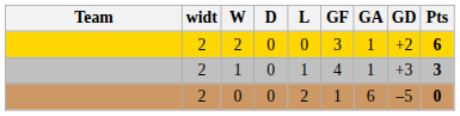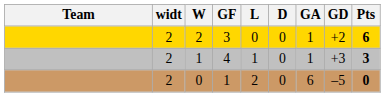 <table class="wikitable" style="text-align: center;">
 <tr>
 <th width=165>Team</th>
 <th>widt</th>
 <th width=25>W</th>
+<th width=25>GF</th>
+<th width=25>L</th>
 <th width=25>D</th>
-<th width=25>L</th>
-<th width=25>GF</th>
 <th width=25>GA</th>
 <th width=25>GD</th>
 <th width=25>Pts</th>
 </tr>
 <tr bgcolor=gold>
 <td align="left"></td>
 <td>2</td>
 <td>2</td>
+<td>3</td>
 <td>0</td>
 <td>0</td>
-<td>3</td>
 <td>1</td>
 <td>+2</td>
 <td><strong>6</strong></td>
 </tr>
 <tr bgcolor=silver>
 <td align="left"></td>
 <td>2</td>
 <td>1</td>
+<td>4</td>
+<td>1</td>
 <td>0</td>
-<td>1</td>
-<td>4</td>
 <td>1</td>
 <td>+3</td>
 <td><strong>3</strong></td>
 </tr>
 <tr bgcolor=#cc9966>
 <td align="left"></td>
 <td>2</td>
 <td>0</td>
+<td>1</td>
+<td>2</td>
 <td>0</td>
-<td>2</td>
-<td>1</td>
 <td>6</td>
 <td>–5</td>
 <td><strong>0</strong></td>
 </tr>
 </table>
